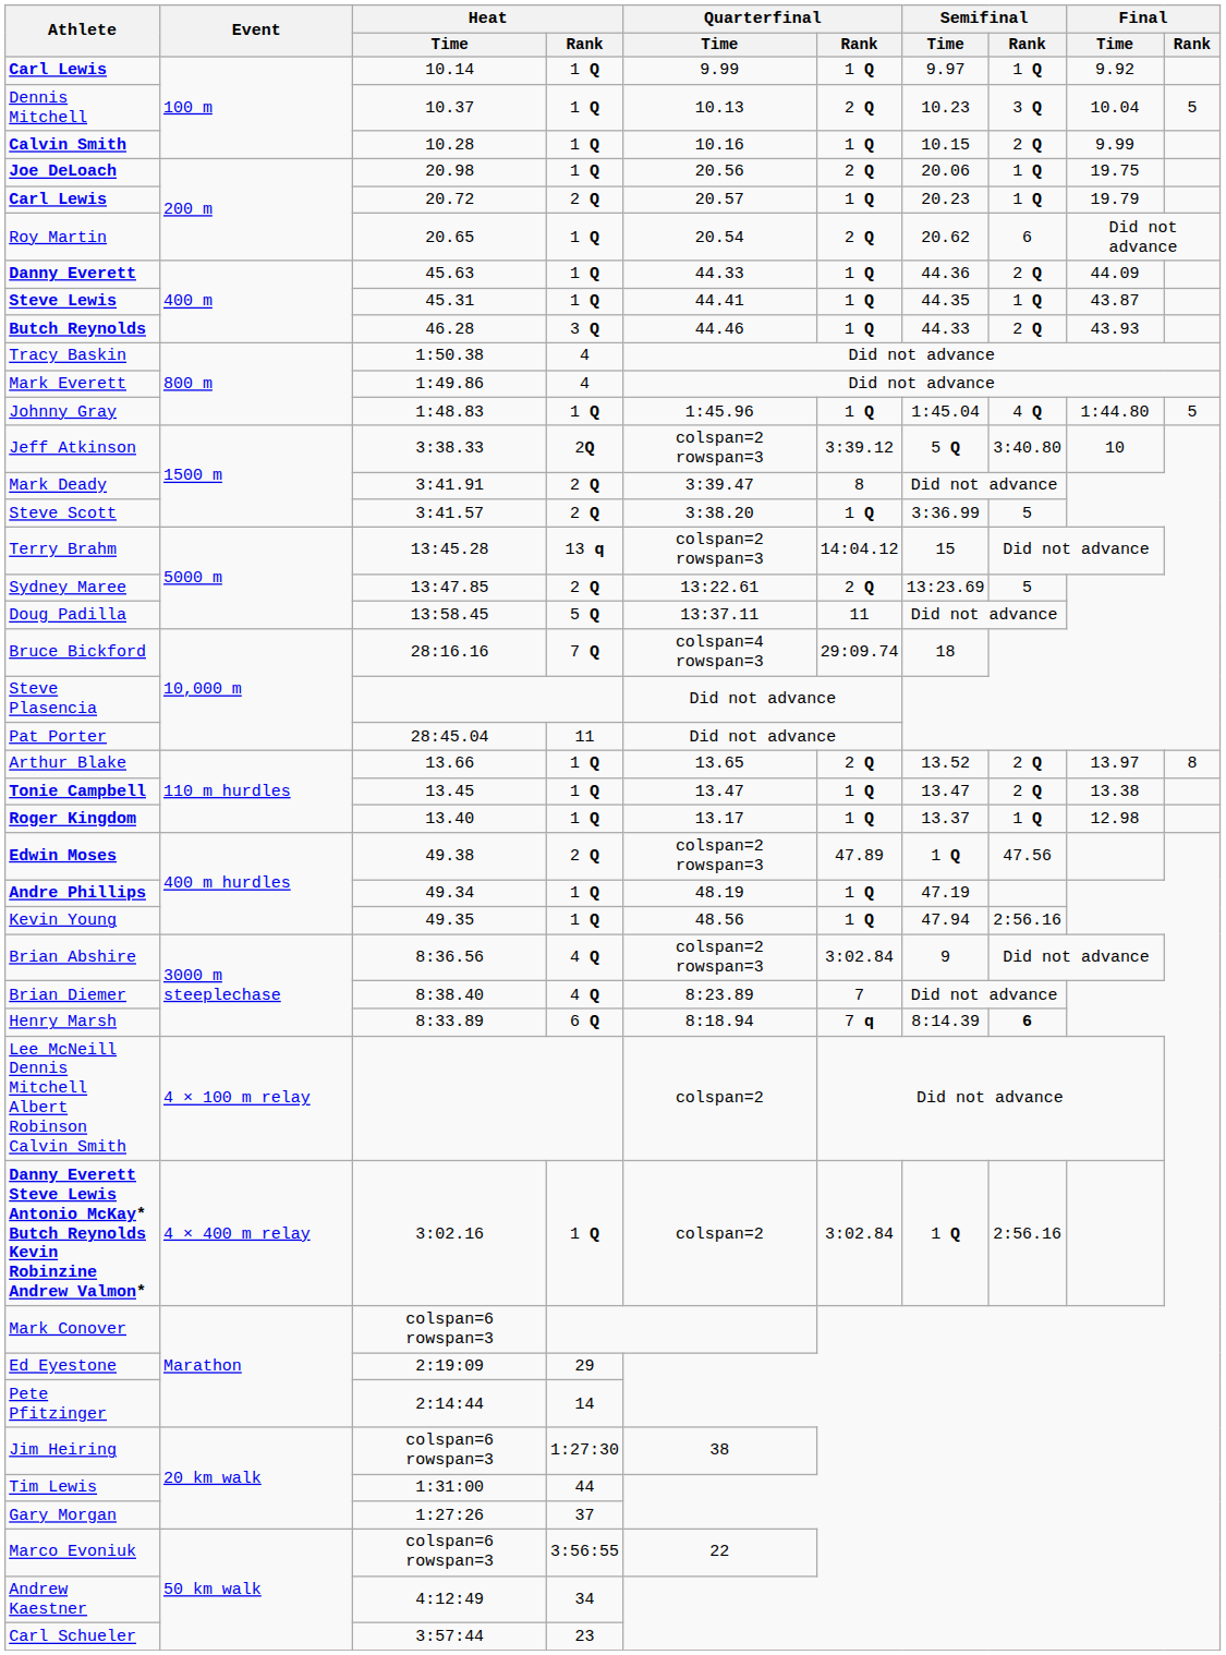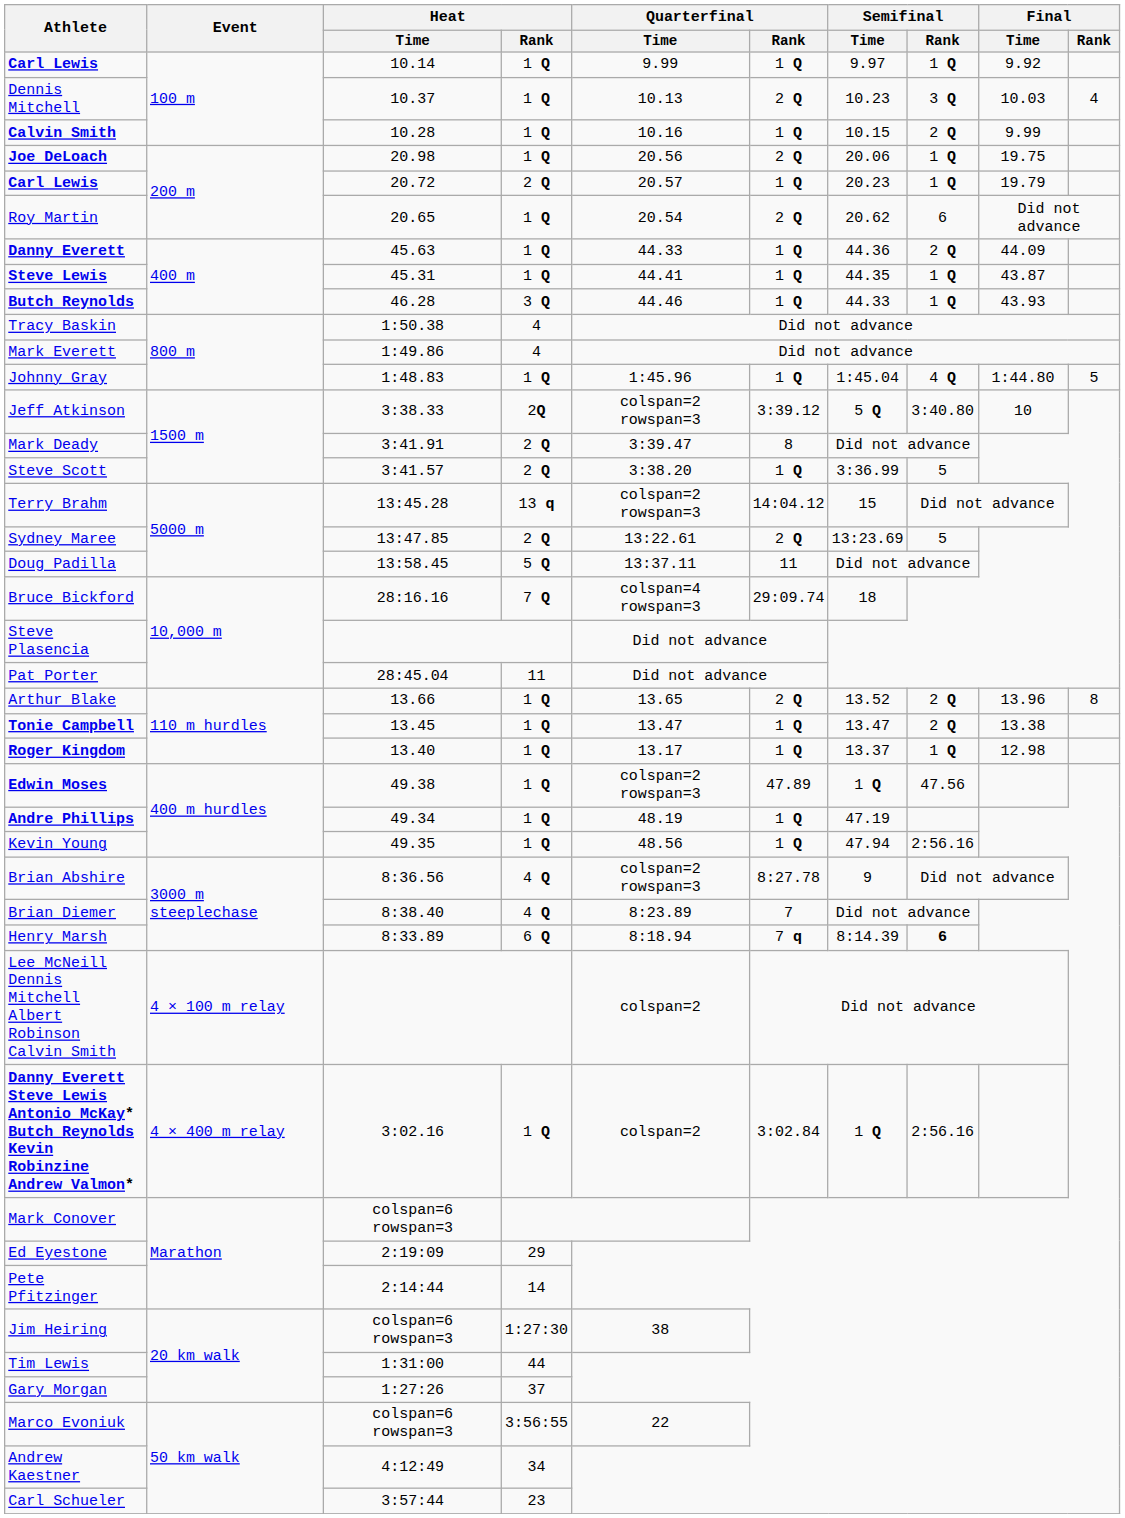 <table class=wikitable style=font-size:90%;text-align:center>
 <tr>
 <th rowspan=2>Athlete</th>
 <th rowspan=2>Event</th>
 <th colspan=2>Heat</th>
 <th colspan=2>Quarterfinal</th>
 <th colspan=2>Semifinal</th>
 <th colspan=2>Final</th>
 </tr>
 <tr style=font-size:95%>
 <th>Time</th>
 <th>Rank</th>
 <th>Time</th>
 <th>Rank</th>
 <th>Time</th>
 <th>Rank</th>
 <th>Time</th>
 <th>Rank</th>
 </tr>
 <tr>
 <td align=left><strong><a href='#'>Carl Lewis</a></strong></td>
 <td align=left rowspan=3><a href='#'>100 m</a></td>
 <td>10.14</td>
 <td>1 <strong>Q</strong></td>
 <td>9.99</td>
 <td>1 <strong>Q</strong></td>
 <td>9.97</td>
 <td>1 <strong>Q</strong></td>
 <td>9.92 </td>
 <td></td>
 </tr>
 <tr>
 <td align=left><a href='#'>Dennis Mitchell</a></td>
 <td>10.37</td>
 <td>1 <strong>Q</strong></td>
 <td>10.13</td>
 <td>2 <strong>Q</strong></td>
 <td>10.23</td>
 <td>3 <strong>Q</strong></td>
-<td>10.04</td>
-<td>5</td>
+<td>10.03</td>
+<td>4</td>
 </tr>
 <tr>
 <td align=left><strong><a href='#'>Calvin Smith</a></strong></td>
 <td>10.28</td>
 <td>1 <strong>Q</strong></td>
 <td>10.16</td>
 <td>1 <strong>Q</strong></td>
 <td>10.15</td>
 <td>2 <strong>Q</strong></td>
 <td>9.99</td>
 <td></td>
 </tr>
 <tr>
 <td align=left><strong><a href='#'>Joe DeLoach</a></strong></td>
 <td align=left rowspan=3><a href='#'>200 m</a></td>
 <td>20.98</td>
 <td>1 <strong>Q</strong></td>
 <td>20.56</td>
 <td>2 <strong>Q</strong></td>
 <td>20.06</td>
 <td>1 <strong>Q</strong></td>
 <td>19.75 </td>
 <td></td>
 </tr>
 <tr>
 <td align=left><strong><a href='#'>Carl Lewis</a></strong></td>
 <td>20.72</td>
 <td>2 <strong>Q</strong></td>
 <td>20.57</td>
 <td>1 <strong>Q</strong></td>
 <td>20.23</td>
 <td>1 <strong>Q</strong></td>
 <td>19.79</td>
 <td></td>
 </tr>
 <tr>
 <td align=left><a href='#'>Roy Martin</a></td>
 <td>20.65</td>
 <td>1 <strong>Q</strong></td>
 <td>20.54</td>
 <td>2 <strong>Q</strong></td>
 <td>20.62</td>
 <td>6</td>
 <td colspan=2>Did not advance</td>
 </tr>
 <tr>
 <td align=left><strong><a href='#'>Danny Everett</a></strong></td>
 <td align=left rowspan=3><a href='#'>400 m</a></td>
 <td>45.63</td>
 <td>1 <strong>Q</strong></td>
 <td>44.33</td>
 <td>1 <strong>Q</strong></td>
 <td>44.36</td>
 <td>2 <strong>Q</strong></td>
 <td>44.09</td>
 <td></td>
 </tr>
 <tr>
 <td align=left><strong><a href='#'>Steve Lewis</a></strong></td>
 <td>45.31</td>
 <td>1 <strong>Q</strong></td>
 <td>44.41</td>
 <td>1 <strong>Q</strong></td>
 <td>44.35</td>
 <td>1 <strong>Q</strong></td>
 <td>43.87</td>
 <td></td>
 </tr>
 <tr>
 <td align=left><strong><a href='#'>Butch Reynolds</a></strong></td>
 <td>46.28</td>
 <td>3 <strong>Q</strong></td>
 <td>44.46</td>
 <td>1 <strong>Q</strong></td>
 <td>44.33</td>
-<td>2 <strong>Q</strong></td>
+<td>1 <strong>Q</strong></td>
 <td>43.93</td>
 <td></td>
 </tr>
 <tr>
 <td align=left><a href='#'>Tracy Baskin</a></td>
 <td align=left rowspan=3><a href='#'>800 m</a></td>
 <td>1:50.38</td>
 <td>4</td>
 <td colspan=6>Did not advance</td>
 </tr>
 <tr>
 <td align=left><a href='#'>Mark Everett</a></td>
 <td>1:49.86</td>
 <td>4</td>
 <td colspan=6>Did not advance</td>
 </tr>
 <tr>
 <td align=left><a href='#'>Johnny Gray</a></td>
 <td>1:48.83</td>
 <td>1 <strong>Q</strong></td>
 <td>1:45.96</td>
 <td>1 <strong>Q</strong></td>
 <td>1:45.04</td>
 <td>4 <strong>Q</strong></td>
 <td>1:44.80</td>
 <td>5</td>
 </tr>
 <tr>
 <td align=left><a href='#'>Jeff Atkinson</a></td>
 <td align=left rowspan=3><a href='#'>1500 m</a></td>
 <td>3:38.33</td>
 <td>2<strong>Q</strong></td>
 <td>colspan=2 rowspan=3 </td>
 <td>3:39.12</td>
 <td>5 <strong>Q</strong></td>
 <td>3:40.80</td>
 <td>10</td>
 </tr>
 <tr>
 <td align=left><a href='#'>Mark Deady</a></td>
 <td>3:41.91</td>
 <td>2 <strong>Q</strong></td>
 <td>3:39.47</td>
 <td>8</td>
 <td colspan=2>Did not advance</td>
 </tr>
 <tr>
 <td align=left><a href='#'>Steve Scott</a></td>
 <td>3:41.57</td>
 <td>2 <strong>Q</strong></td>
 <td>3:38.20</td>
 <td>1 <strong>Q</strong></td>
 <td>3:36.99</td>
 <td>5</td>
 </tr>
 <tr>
 <td align=left><a href='#'>Terry Brahm</a></td>
 <td align=left rowspan=3><a href='#'>5000 m</a></td>
 <td>13:45.28</td>
 <td>13 <strong>q</strong></td>
 <td>colspan=2 rowspan=3 </td>
 <td>14:04.12</td>
 <td>15</td>
 <td colspan=2>Did not advance</td>
 </tr>
 <tr>
 <td align=left><a href='#'>Sydney Maree</a></td>
 <td>13:47.85</td>
 <td>2 <strong>Q</strong></td>
 <td>13:22.61</td>
 <td>2 <strong>Q</strong></td>
 <td>13:23.69</td>
 <td>5</td>
 </tr>
 <tr>
 <td align=left><a href='#'>Doug Padilla</a></td>
 <td>13:58.45</td>
 <td>5 <strong>Q</strong></td>
 <td>13:37.11</td>
 <td>11</td>
 <td colspan=2>Did not advance</td>
 </tr>
 <tr>
 <td align=left><a href='#'>Bruce Bickford</a></td>
 <td align=left rowspan=3><a href='#'>10,000 m</a></td>
 <td>28:16.16</td>
 <td>7 <strong>Q</strong></td>
 <td>colspan=4 rowspan=3 </td>
 <td>29:09.74</td>
 <td>18</td>
 </tr>
 <tr>
 <td align=left><a href='#'>Steve Plasencia</a></td>
 <td colspan=2></td>
 <td colspan=2>Did not advance</td>
 </tr>
 <tr>
 <td align=left><a href='#'>Pat Porter</a></td>
 <td>28:45.04</td>
 <td>11</td>
 <td colspan=2>Did not advance</td>
 </tr>
 <tr>
 <td align=left><a href='#'>Arthur Blake</a></td>
 <td align=left rowspan=3><a href='#'>110 m hurdles</a></td>
 <td>13.66</td>
 <td>1 <strong>Q</strong></td>
 <td>13.65</td>
 <td>2 <strong>Q</strong></td>
 <td>13.52</td>
 <td>2 <strong>Q</strong></td>
-<td>13.97</td>
+<td>13.96</td>
 <td>8</td>
 </tr>
 <tr>
 <td align=left><strong><a href='#'>Tonie Campbell</a></strong></td>
 <td>13.45</td>
 <td>1 <strong>Q</strong></td>
 <td>13.47</td>
 <td>1 <strong>Q</strong></td>
 <td>13.47</td>
 <td>2 <strong>Q</strong></td>
 <td>13.38</td>
 <td></td>
 </tr>
 <tr>
 <td align=left><strong><a href='#'>Roger Kingdom</a></strong></td>
 <td>13.40</td>
 <td>1 <strong>Q</strong></td>
 <td>13.17 </td>
 <td>1 <strong>Q</strong></td>
 <td>13.37</td>
 <td>1 <strong>Q</strong></td>
 <td>12.98 </td>
 <td></td>
 </tr>
 <tr>
 <td align=left><strong><a href='#'>Edwin Moses</a></strong></td>
 <td align=left rowspan=3><a href='#'>400 m hurdles</a></td>
 <td>49.38</td>
-<td>2 <strong>Q</strong></td>
+<td>1 <strong>Q</strong></td>
 <td>colspan=2 rowspan=3 </td>
 <td>47.89</td>
 <td>1 <strong>Q</strong></td>
 <td>47.56</td>
 <td></td>
 </tr>
 <tr>
 <td align=left><strong><a href='#'>Andre Phillips</a></strong></td>
 <td>49.34</td>
 <td>1 <strong>Q</strong></td>
 <td>48.19</td>
 <td>1 <strong>Q</strong></td>
 <td>47.19 </td>
 <td></td>
 </tr>
 <tr>
 <td align=left><a href='#'>Kevin Young</a></td>
 <td>49.35</td>
 <td>1 <strong>Q</strong></td>
 <td>48.56</td>
 <td>1 <strong>Q</strong></td>
 <td>47.94</td>
 <td>2:56.16 </td>
 </tr>
 <tr>
 <td align=left><a href='#'>Brian Abshire</a></td>
 <td align=left rowspan=3><a href='#'>3000 m steeplechase</a></td>
 <td>8:36.56</td>
 <td>4 <strong>Q</strong></td>
 <td>colspan=2 rowspan=3 </td>
-<td>3:02.84</td>
+<td>8:27.78</td>
 <td>9</td>
 <td colspan=2>Did not advance</td>
 </tr>
 <tr>
 <td align=left><a href='#'>Brian Diemer</a></td>
 <td>8:38.40</td>
 <td>4 <strong>Q</strong></td>
 <td>8:23.89</td>
 <td>7</td>
 <td colspan=2>Did not advance</td>
 </tr>
 <tr>
 <td align=left><a href='#'>Henry Marsh</a></td>
 <td>8:33.89</td>
 <td>6 <strong>Q</strong></td>
 <td>8:18.94</td>
 <td>7 <strong>q</strong></td>
 <td>8:14.39</td>
 <td><strong>6</strong></td>
 </tr>
 <tr>
 <td align=left><a href='#'>Lee McNeill</a><br><a href='#'>Dennis Mitchell</a><br><a href='#'>Albert Robinson</a><br><a href='#'>Calvin Smith</a></td>
 <td align=left><a href='#'>4 × 100 m relay</a></td>
 <td colspan=2></td>
 <td>colspan=2 </td>
 <td colspan=4>Did not advance</td>
 </tr>
 <tr>
 <td align=left><strong><a href='#'>Danny Everett</a><br><a href='#'>Steve Lewis</a><br><a href='#'>Antonio McKay</a>*<br><a href='#'>Butch Reynolds</a><br><a href='#'>Kevin Robinzine</a><br><a href='#'>Andrew Valmon</a>*</strong></td>
 <td align=left><a href='#'>4 × 400 m relay</a></td>
 <td>3:02.16</td>
 <td>1 <strong>Q</strong></td>
 <td>colspan=2 </td>
 <td>3:02.84</td>
 <td>1 <strong>Q</strong></td>
 <td>2:56.16 </td>
 <td></td>
 </tr>
 <tr>
 <td align=left><a href='#'>Mark Conover</a></td>
 <td align=left rowspan=3><a href='#'>Marathon</a></td>
 <td>colspan=6 rowspan=3 </td>
 <td colspan=2></td>
 </tr>
 <tr>
 <td align=left><a href='#'>Ed Eyestone</a></td>
 <td>2:19:09</td>
 <td>29</td>
 </tr>
 <tr>
 <td align=left><a href='#'>Pete Pfitzinger</a></td>
 <td>2:14:44</td>
 <td>14</td>
 </tr>
 <tr>
 <td align=left><a href='#'>Jim Heiring</a></td>
 <td align=left rowspan=3><a href='#'>20 km walk</a></td>
 <td>colspan=6 rowspan=3 </td>
 <td>1:27:30</td>
 <td>38</td>
 </tr>
 <tr>
 <td align=left><a href='#'>Tim Lewis</a></td>
 <td>1:31:00</td>
 <td>44</td>
 </tr>
 <tr>
 <td align=left><a href='#'>Gary Morgan</a></td>
 <td>1:27:26</td>
 <td>37</td>
 </tr>
 <tr>
 <td align=left><a href='#'>Marco Evoniuk</a></td>
 <td align=left rowspan=3><a href='#'>50 km walk</a></td>
 <td>colspan=6 rowspan=3 </td>
 <td>3:56:55</td>
 <td>22</td>
 </tr>
 <tr>
 <td align=left><a href='#'>Andrew Kaestner</a></td>
 <td>4:12:49</td>
 <td>34</td>
 </tr>
 <tr>
 <td align=left><a href='#'>Carl Schueler</a></td>
 <td>3:57:44</td>
 <td>23</td>
 </tr>
 </table>
